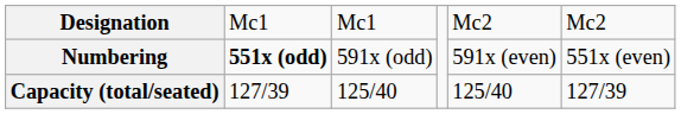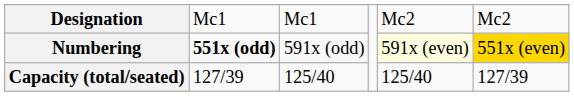 <table class="wikitable">
 <tr>
 <th>Designation</th>
 <td>Mc1</td>
 <td>Mc1</td>
 <td rowspan="3"></td>
 <td>Mc2</td>
 <td>Mc2</td>
 </tr>
 <tr>
 <th>Numbering</th>
 <td><strong>551x (odd)</strong></td>
 <td>591x (odd)</td>
-<td>591x (even)</td>
-<td>551x (even)</td>
+<td style="background: lightyellow;">591x (even)</td>
+<td style="background: gold;">551x (even)</td>
 </tr>
 <tr>
 <th>Capacity (total/seated)</th>
 <td>127/39</td>
 <td>125/40</td>
 <td>125/40</td>
 <td>127/39</td>
 </tr>
 </table>
